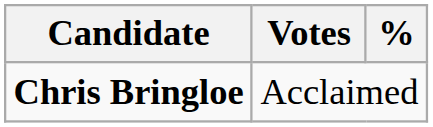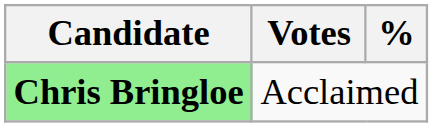 <table class="wikitable">
 <tr>
 <th>Candidate</th>
 <th>Votes</th>
 <th>%</th>
 </tr>
 <tr>
-<td><strong>Chris Bringloe</strong></td>
+<td style="background: lightgreen;"><strong>Chris Bringloe</strong></td>
 <td colspan="2">Acclaimed</td>
 </tr>
 </table>
